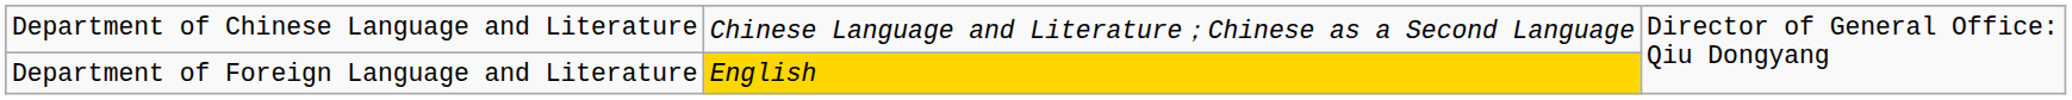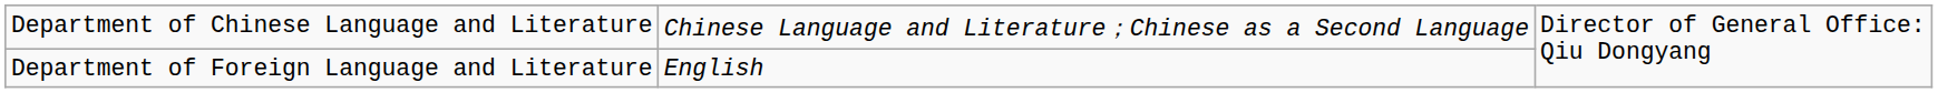 <table class="wikitable">
 <tr valign="top">
 <td>Department of Chinese Language and Literature</td>
 <td><em>Chinese Language and Literature；Chinese as a Second Language</em></td>
 <td rowspan="2">Director of General Office:<br>Qiu Dongyang</td>
 </tr>
 <tr valign="top">
 <td>Department of Foreign Language and Literature</td>
-<td style="background: gold;"><em>English</em></td>
+<td><em>English</em></td>
 </tr>
 </table>
